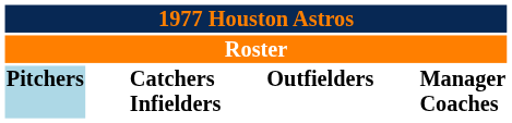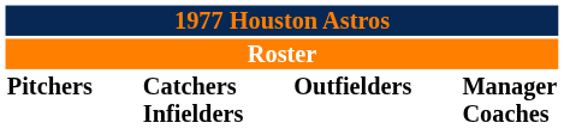 <table class="toccolours" style="text-align: left;">
 <tr>
 <th colspan="10" style="background-color: #072854; color: #FF7F00; text-align: center;">1977 Houston Astros</th>
 </tr>
 <tr>
 <td colspan="10" style="background-color: #FF7F00; color: white; text-align: center;"><strong>Roster</strong></td>
 </tr>
 <tr>
-<td valign="top" style="background: lightblue;"><strong>Pitchers</strong><br>            </td>
+<td valign="top"><strong>Pitchers</strong><br>            </td>
 <td width="25px"></td>
 <td valign="top"><strong>Catchers</strong><br>   <strong>Infielders</strong>          </td>
 <td width="25px"></td>
 <td valign="top"><strong>Outfielders</strong><br>          </td>
 <td width="25px"></td>
 <td valign="top"><strong>Manager</strong><br> <strong>Coaches</strong>    </td>
 </tr>
 </table>
